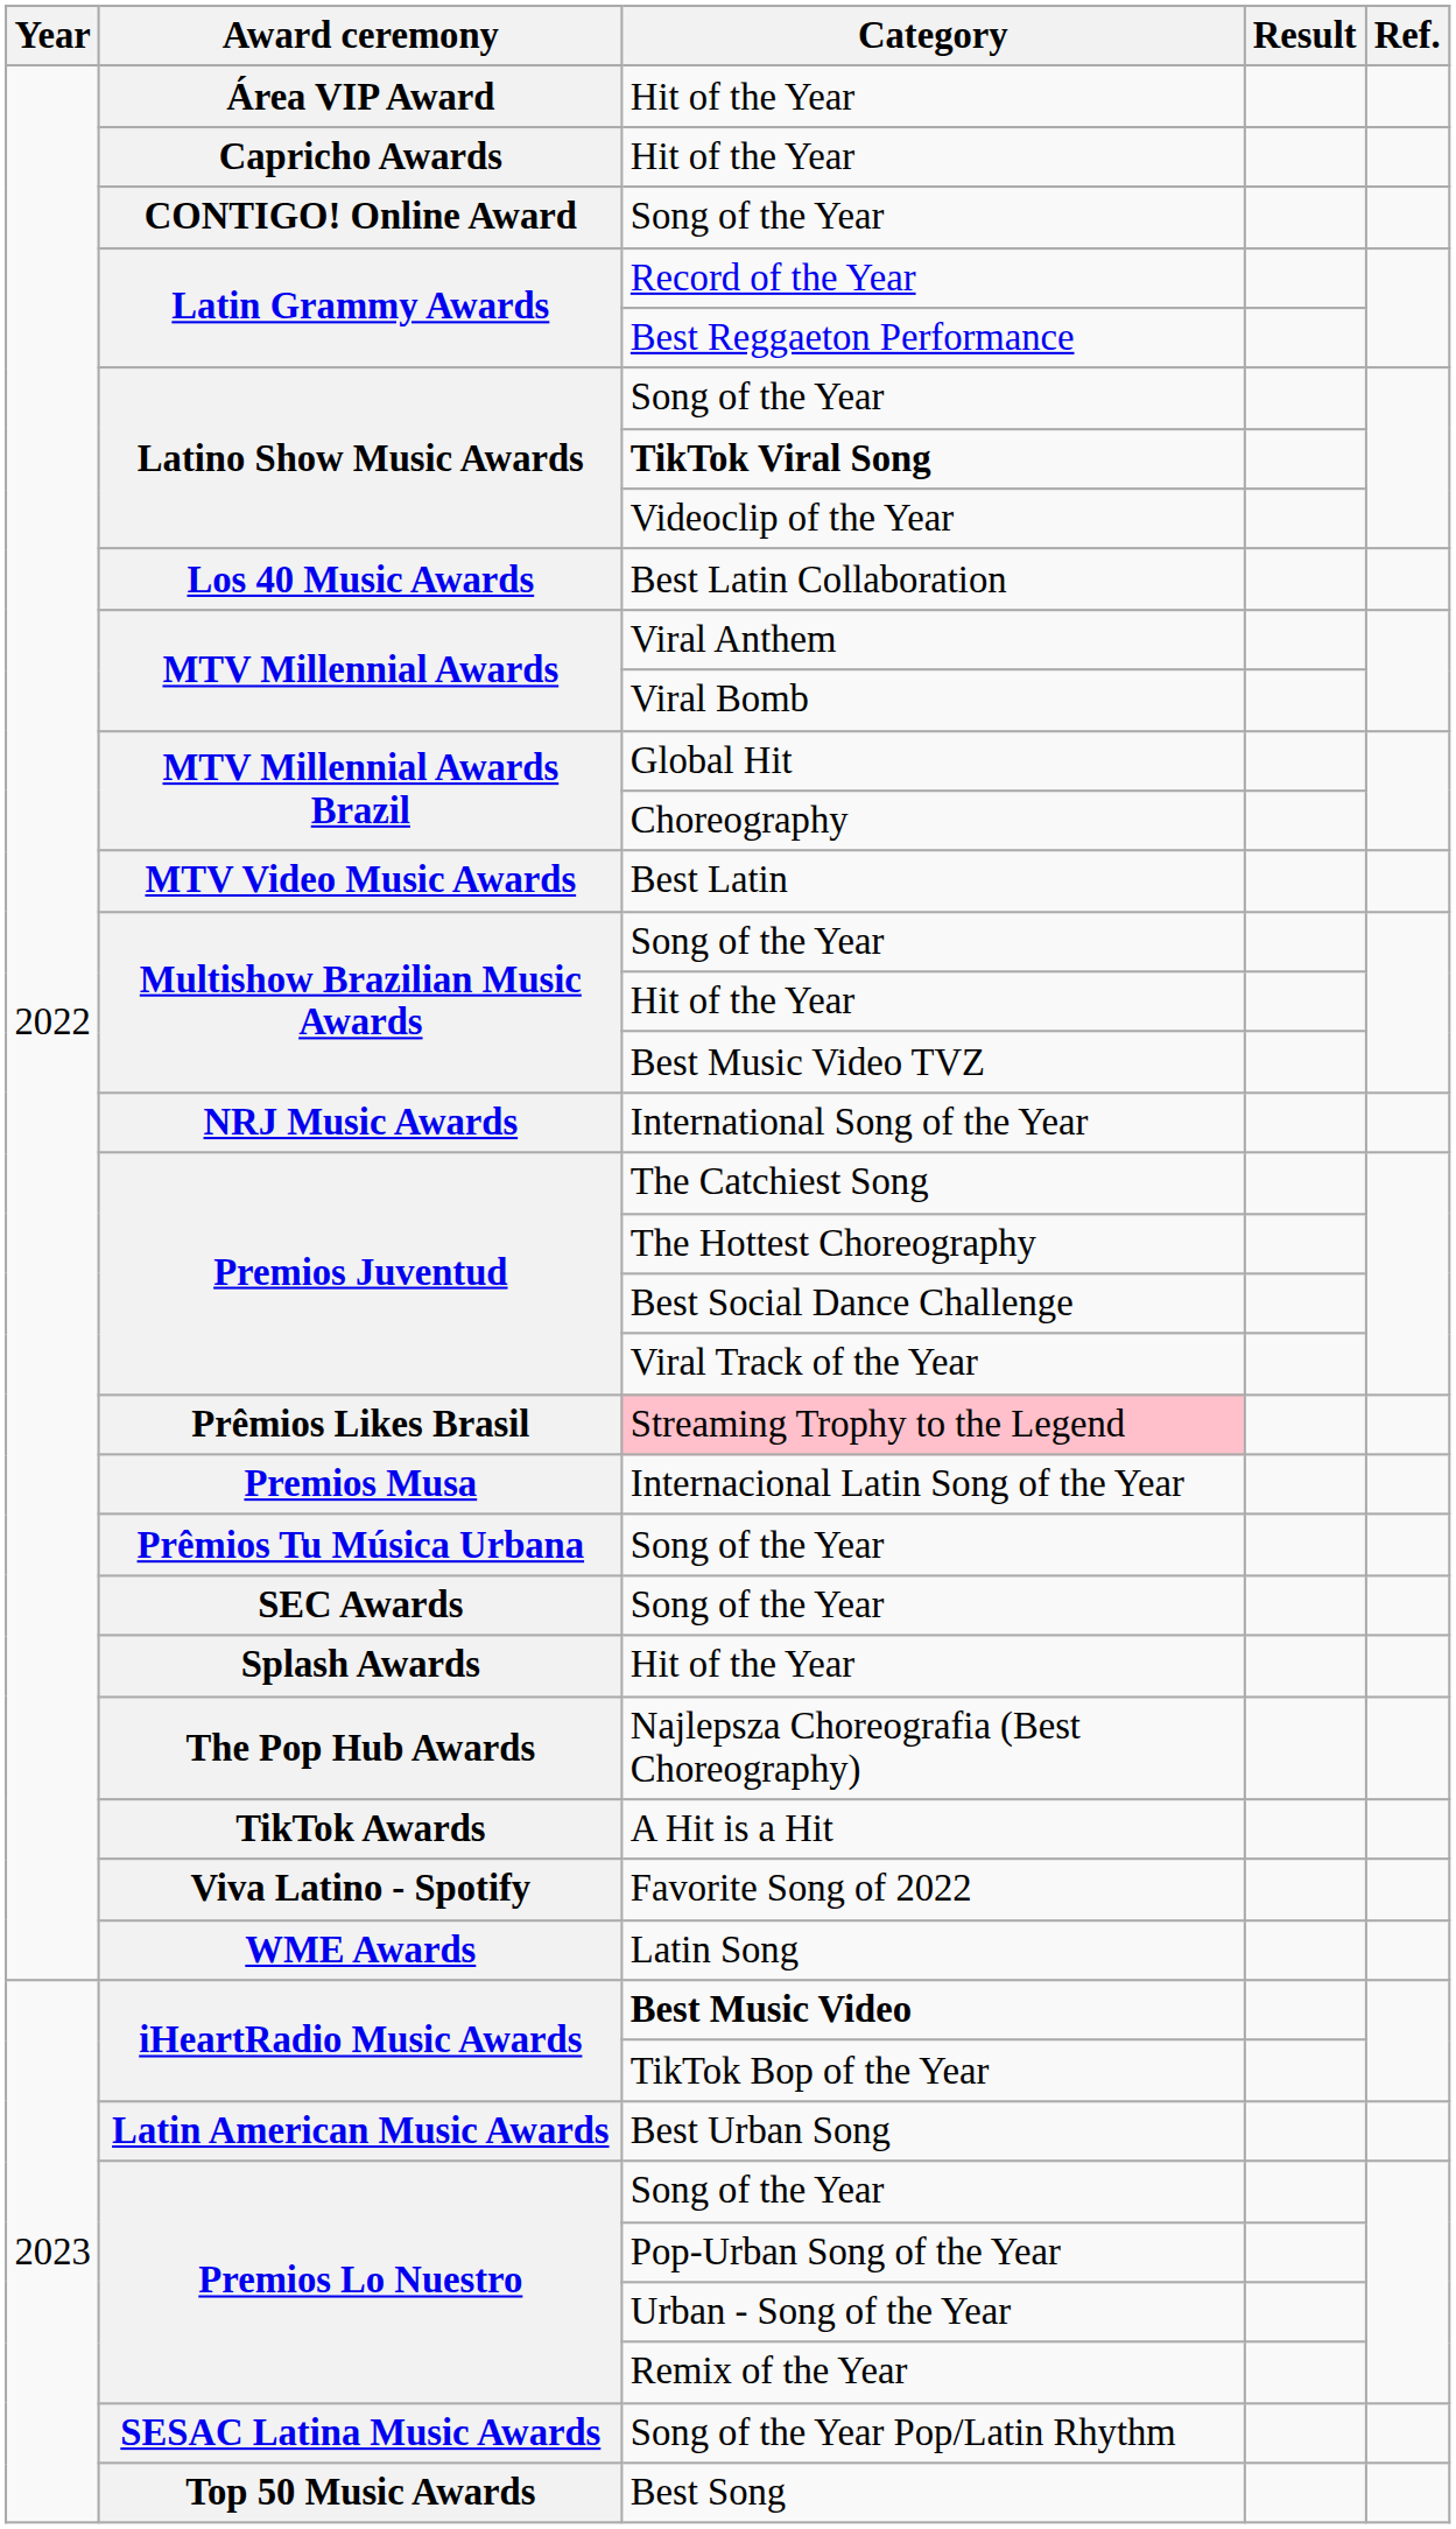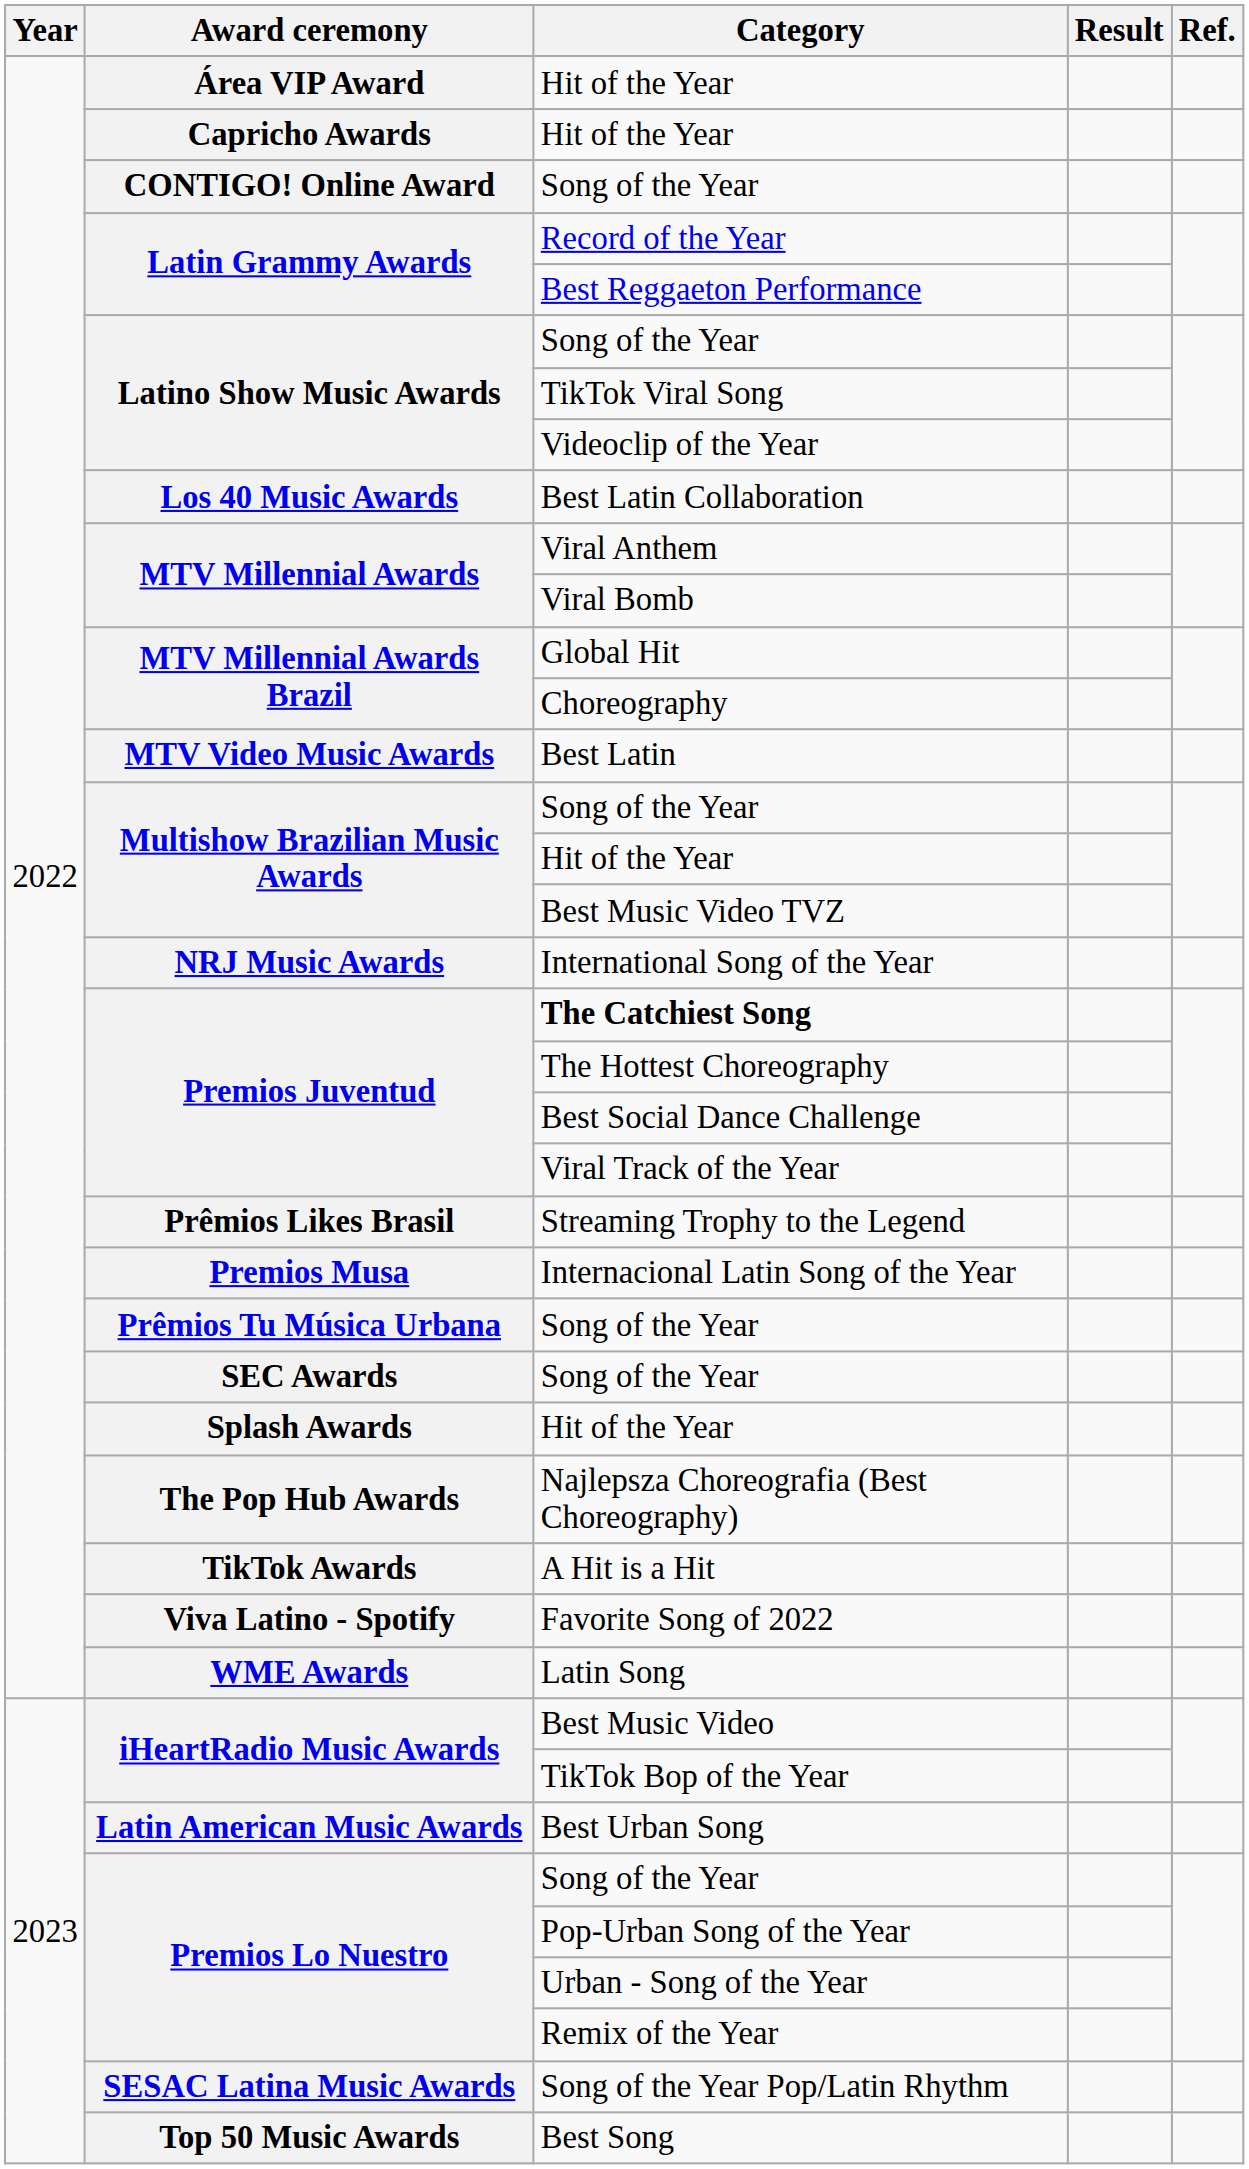 <table class="wikitable unsortable plainrowheaders">
 <tr>
 <th scope="col">Year</th>
 <th scope="col">Award ceremony</th>
 <th scope="col">Category</th>
 <th scope="col">Result</th>
 <th>Ref.</th>
 </tr>
 <tr>
 <td rowspan="31">2022</td>
 <th scope="row">Área VIP Award</th>
 <td>Hit of the Year</td>
 <td></td>
 <td></td>
 </tr>
 <tr>
 <th scope="row">Capricho Awards</th>
 <td>Hit of the Year</td>
 <td></td>
 <td></td>
 </tr>
 <tr>
 <th scope="row">CONTIGO! Online Award</th>
 <td>Song of the Year</td>
 <td></td>
 <td></td>
 </tr>
 <tr>
 <th rowspan="2" scope="row"><a href='#'>Latin Grammy Awards</a></th>
 <td><a href='#'>Record of the Year</a></td>
 <td></td>
 <td rowspan="2"></td>
 </tr>
 <tr>
 <td><a href='#'>Best Reggaeton Performance</a></td>
 <td></td>
 </tr>
 <tr>
 <th rowspan="3" scope="row">Latino Show Music Awards</th>
 <td>Song of the Year</td>
 <td></td>
 <td rowspan="3"></td>
 </tr>
 <tr>
-<td><strong>TikTok Viral Song</strong></td>
+<td>TikTok Viral Song</td>
 <td></td>
 </tr>
 <tr>
 <td>Videoclip of the Year</td>
 <td></td>
 </tr>
 <tr>
 <th scope="row"><a href='#'>Los 40 Music Awards</a></th>
 <td>Best Latin Collaboration</td>
 <td></td>
 <td></td>
 </tr>
 <tr>
 <th rowspan="2" scope="row"><a href='#'>MTV Millennial Awards</a></th>
 <td>Viral Anthem</td>
 <td></td>
 <td rowspan="2"></td>
 </tr>
 <tr>
 <td>Viral Bomb</td>
 <td></td>
 </tr>
 <tr>
 <th rowspan="2" scope="row"><a href='#'>MTV Millennial Awards Brazil</a></th>
 <td>Global Hit</td>
 <td></td>
 <td rowspan="2"></td>
 </tr>
 <tr>
 <td>Choreography</td>
 <td></td>
 </tr>
 <tr>
 <th scope="row"><a href='#'>MTV Video Music Awards</a></th>
 <td>Best Latin</td>
 <td></td>
 <td></td>
 </tr>
 <tr>
 <th rowspan="3" scope="row"><a href='#'>Multishow Brazilian Music Awards</a></th>
 <td>Song of the Year</td>
 <td></td>
 <td rowspan="3"></td>
 </tr>
 <tr>
 <td>Hit of the Year</td>
 <td></td>
 </tr>
 <tr>
 <td>Best Music Video TVZ</td>
 <td></td>
 </tr>
 <tr>
 <th scope="row"><a href='#'>NRJ Music Awards</a></th>
 <td>International Song of the Year</td>
 <td></td>
 <td></td>
 </tr>
 <tr>
 <th rowspan="4" scope="row"><a href='#'>Premios Juventud</a></th>
-<td>The Catchiest Song</td>
+<td><strong>The Catchiest Song</strong></td>
 <td></td>
 <td rowspan="4"></td>
 </tr>
 <tr>
 <td>The Hottest Choreography</td>
 <td></td>
 </tr>
 <tr>
 <td>Best Social Dance Challenge</td>
 <td></td>
 </tr>
 <tr>
 <td>Viral Track of the Year</td>
 <td></td>
 </tr>
 <tr>
 <th scope="row">Prêmios Likes Brasil</th>
-<td style="background: pink;">Streaming Trophy to the Legend</td>
+<td>Streaming Trophy to the Legend</td>
 <td></td>
 <td></td>
 </tr>
 <tr>
 <th scope="row"><a href='#'>Premios Musa</a></th>
 <td>Internacional Latin Song of the Year</td>
 <td></td>
 <td></td>
 </tr>
 <tr>
 <th scope="row"><a href='#'>Prêmios Tu Música Urbana</a></th>
 <td>Song of the Year</td>
 <td></td>
 <td></td>
 </tr>
 <tr>
 <th scope="row">SEC Awards</th>
 <td>Song of the Year</td>
 <td></td>
 <td></td>
 </tr>
 <tr>
 <th scope="row">Splash Awards</th>
 <td>Hit of the Year</td>
 <td></td>
 <td></td>
 </tr>
 <tr>
 <th scope="row">The Pop Hub Awards</th>
 <td>Najlepsza Choreografia (Best Choreography)</td>
 <td></td>
 <td></td>
 </tr>
 <tr>
 <th scope="row">TikTok Awards</th>
 <td>A Hit is a Hit</td>
 <td></td>
 <td></td>
 </tr>
 <tr>
 <th scope="row">Viva Latino - Spotify</th>
 <td>Favorite Song of 2022</td>
 <td></td>
 <td></td>
 </tr>
 <tr>
 <th scope="row"><a href='#'>WME Awards</a></th>
 <td>Latin Song</td>
 <td></td>
 <td></td>
 </tr>
 <tr>
 <td rowspan="9">2023</td>
 <th rowspan="2" scope="row"><a href='#'>iHeartRadio Music Awards</a></th>
-<td><strong>Best Music Video</strong></td>
+<td>Best Music Video</td>
 <td></td>
 <td rowspan="2"></td>
 </tr>
 <tr>
 <td>TikTok Bop of the Year</td>
 <td></td>
 </tr>
 <tr>
 <th scope="row"><a href='#'>Latin American Music Awards</a></th>
 <td>Best Urban Song</td>
 <td></td>
 <td></td>
 </tr>
 <tr>
 <th rowspan="4" scope="row"><a href='#'>Premios Lo Nuestro</a></th>
 <td>Song of the Year</td>
 <td></td>
 <td rowspan="4"></td>
 </tr>
 <tr>
 <td>Pop-Urban Song of the Year</td>
 <td></td>
 </tr>
 <tr>
 <td>Urban - Song of the Year</td>
 <td></td>
 </tr>
 <tr>
 <td>Remix of the Year</td>
 <td></td>
 </tr>
 <tr>
 <th scope="row"><a href='#'>SESAC Latina Music Awards</a></th>
 <td>Song of the Year Pop/Latin Rhythm</td>
 <td></td>
 <td></td>
 </tr>
 <tr>
 <th scope="row">Top 50 Music Awards</th>
 <td>Best Song</td>
 <td></td>
 <td></td>
 </tr>
 </table>
